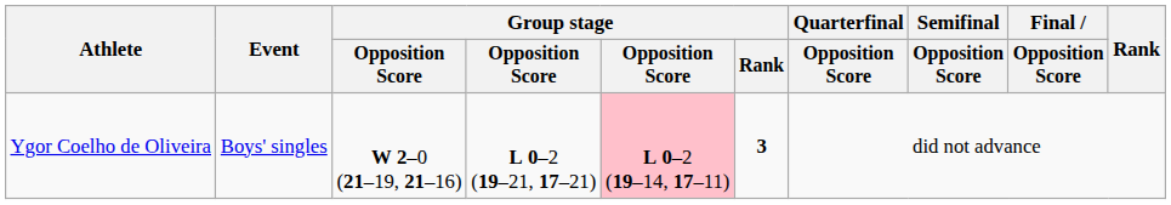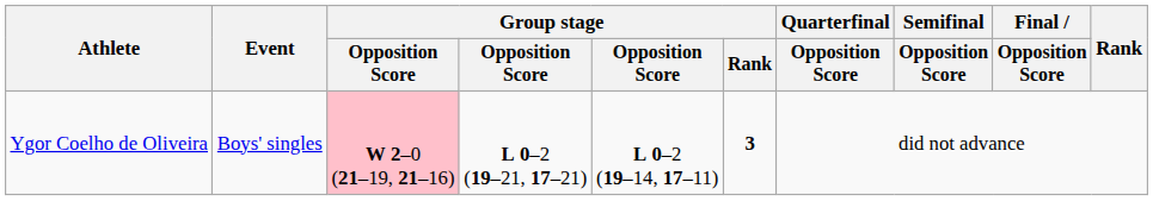 <table class="wikitable" style="font-size:90%">
 <tr>
 <th rowspan=2>Athlete</th>
 <th rowspan=2>Event</th>
 <th colspan=4>Group stage</th>
 <th>Quarterfinal</th>
 <th>Semifinal</th>
 <th>Final / </th>
 <th rowspan=2>Rank</th>
 </tr>
 <tr style="font-size:95%">
 <th>Opposition<br>Score</th>
 <th>Opposition<br>Score</th>
 <th>Opposition<br>Score</th>
 <th>Rank</th>
 <th>Opposition<br>Score</th>
 <th>Opposition<br>Score</th>
 <th>Opposition<br>Score</th>
 </tr>
 <tr align=center>
 <td align=left><a href='#'>Ygor Coelho de Oliveira</a></td>
 <td align=left><a href='#'>Boys' singles</a></td>
-<td> <br><br><strong>W</strong> <strong>2</strong>–0 <br> (<strong>21</strong>–19, <strong>21</strong>–16)</td>
+<td style="background: pink;"> <br><br><strong>W</strong> <strong>2</strong>–0 <br> (<strong>21</strong>–19, <strong>21</strong>–16)</td>
 <td> <br><br><strong>L</strong> <strong>0</strong>–2 <br> (<strong>19</strong>–21, <strong>17</strong>–21)</td>
-<td style="background: pink;"> <br><br><strong>L</strong> <strong>0</strong>–2 <br> (<strong>19</strong>–14, <strong>17</strong>–11)</td>
+<td> <br><br><strong>L</strong> <strong>0</strong>–2 <br> (<strong>19</strong>–14, <strong>17</strong>–11)</td>
 <td><strong>3</strong></td>
 <td colspan=4>did not advance</td>
 </tr>
 </table>
